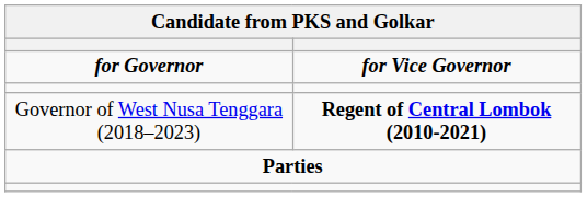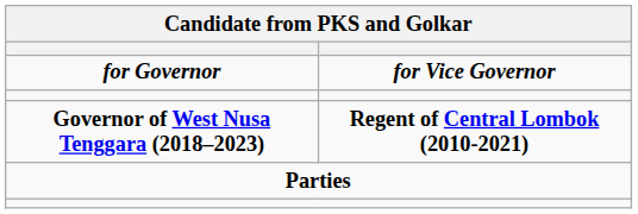 <table class="wikitable" style="font-size:90%; text-align:center;">
 <tr>
 <td colspan=2 style="background:#f1f1f1;"><strong>Candidate from PKS and Golkar</strong></td>
 </tr>
 <tr>
 <th style="font-size:135%; background:#"><a href='#'></a></th>
 <th style="font-size:135%; background:#"><a href='#'></a></th>
 </tr>
 <tr style="color:#000; font-size:100%; background:#">
 <td style="width:3em; width:200px;"><strong><em>for Governor</em></strong></td>
 <td style="width:3em; width:200px;"><strong><em>for Vice Governor</em></strong></td>
 </tr>
 <tr>
 <td></td>
 <td></td>
 </tr>
 <tr>
-<td>Governor of <a href='#'>West Nusa Tenggara</a> (2018–2023)</td>
+<td><strong>Governor of <a href='#'>West Nusa Tenggara</a> (2018–2023)</strong></td>
 <td><strong>Regent of <a href='#'>Central Lombok</a> (2010-2021)</strong></td>
 </tr>
 <tr>
 <td colspan=2><strong>Parties</strong></td>
 </tr>
 <tr>
 <td colspan=2> </td>
 </tr>
 </table>
